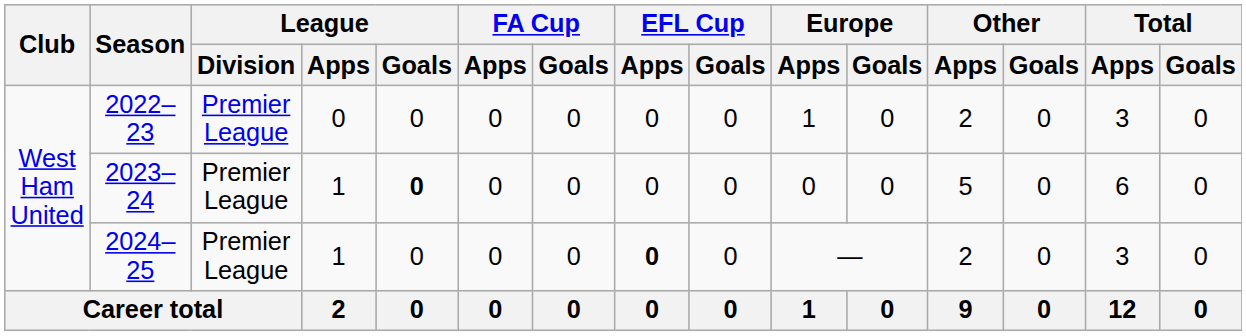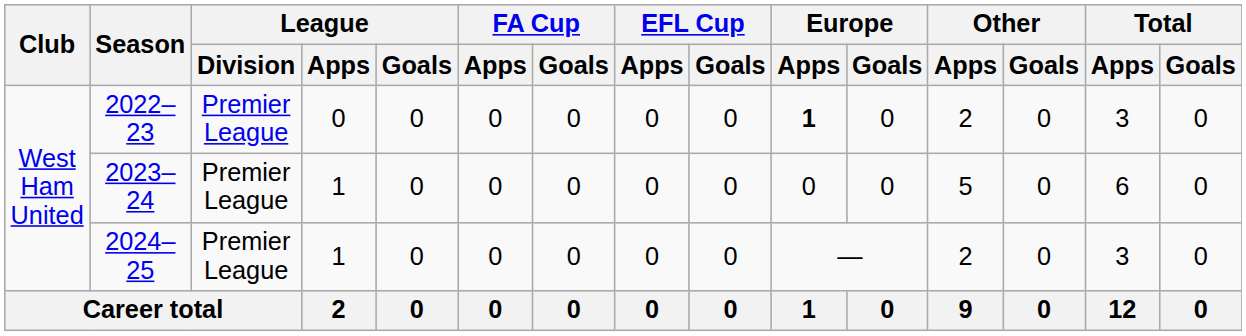 <table class=wikitable style=text-align:center>
 <tr>
 <th rowspan=2>Club</th>
 <th rowspan=2>Season</th>
 <th colspan=3>League</th>
 <th colspan=2><a href='#'>FA Cup</a></th>
 <th colspan=2><a href='#'>EFL Cup</a></th>
 <th colspan=2>Europe</th>
 <th colspan=2>Other</th>
 <th colspan=2>Total</th>
 </tr>
 <tr>
 <th>Division</th>
 <th>Apps</th>
 <th>Goals</th>
 <th>Apps</th>
 <th>Goals</th>
 <th>Apps</th>
 <th>Goals</th>
 <th>Apps</th>
 <th>Goals</th>
 <th>Apps</th>
 <th>Goals</th>
 <th>Apps</th>
 <th>Goals</th>
 </tr>
 <tr>
 <td rowspan=3><a href='#'>West Ham United</a></td>
 <td><a href='#'>2022–23</a></td>
 <td><a href='#'>Premier League</a></td>
 <td>0</td>
 <td>0</td>
 <td>0</td>
 <td>0</td>
 <td>0</td>
 <td>0</td>
-<td>1</td>
+<td><strong>1</strong></td>
 <td>0</td>
 <td>2</td>
 <td>0</td>
 <td>3</td>
 <td>0</td>
 </tr>
 <tr>
 <td><a href='#'>2023–24</a></td>
 <td>Premier League</td>
 <td>1</td>
-<td><strong>0</strong></td>
+<td>0</td>
 <td>0</td>
 <td>0</td>
 <td>0</td>
 <td>0</td>
 <td>0</td>
 <td>0</td>
 <td>5</td>
 <td>0</td>
 <td>6</td>
 <td>0</td>
 </tr>
 <tr>
 <td><a href='#'>2024–25</a></td>
 <td>Premier League</td>
 <td>1</td>
 <td>0</td>
 <td>0</td>
 <td>0</td>
-<td><strong>0</strong></td>
+<td>0</td>
 <td>0</td>
 <td colspan="2">—</td>
 <td>2</td>
 <td>0</td>
 <td>3</td>
 <td>0</td>
 </tr>
 <tr>
 <th colspan=3>Career total</th>
 <th>2</th>
 <th>0</th>
 <th>0</th>
 <th>0</th>
 <th>0</th>
 <th>0</th>
 <th>1</th>
 <th>0</th>
 <th>9</th>
 <th>0</th>
 <th>12</th>
 <th>0</th>
 </tr>
 </table>
